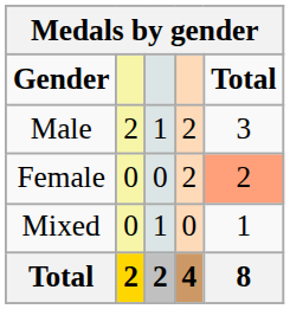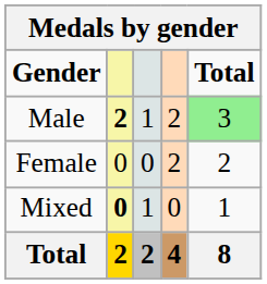 <table class="wikitable" style="font-size:85%;">
 <tr style="background:#efefef;">
 <th colspan=5><strong>Medals by gender</strong></th>
 </tr>
 <tr align=center>
 <td><strong>Gender</strong></td>
 <td style="background:#f7f6a8;"></td>
 <td style="background:#dce5e5;"></td>
 <td style="background:#ffdab9;"></td>
 <td><strong>Total</strong></td>
 </tr>
 <tr align=center>
 <td>Male</td>
-<td style="background:#F7F6A8;">2</td>
+<td style="background:#F7F6A8;"><strong>2</strong></td>
 <td style="background:#DCE5E5;">1</td>
 <td style="background:#FFDAB9;">2</td>
-<td>3</td>
+<td style="background: lightgreen;">3</td>
 </tr>
 <tr align=center>
 <td>Female</td>
 <td style="background:#F7F6A8;">0</td>
 <td style="background:#DCE5E5;">0</td>
 <td style="background:#FFDAB9;">2</td>
-<td style="background: lightsalmon;">2</td>
+<td>2</td>
 </tr>
 <tr align=center>
 <td>Mixed</td>
-<td style="background:#F7F6A8;">0</td>
+<td style="background:#F7F6A8;"><strong>0</strong></td>
 <td style="background:#DCE5E5;">1</td>
 <td style="background:#FFDAB9;">0</td>
 <td>1</td>
 </tr>
 <tr align=center>
 <th><strong>Total</strong></th>
 <th style="background:gold;"><strong>2</strong></th>
 <th style="background:silver;"><strong>2</strong></th>
 <th style="background:#c96;"><strong>4</strong></th>
 <th><strong>8</strong></th>
 </tr>
 </table>
